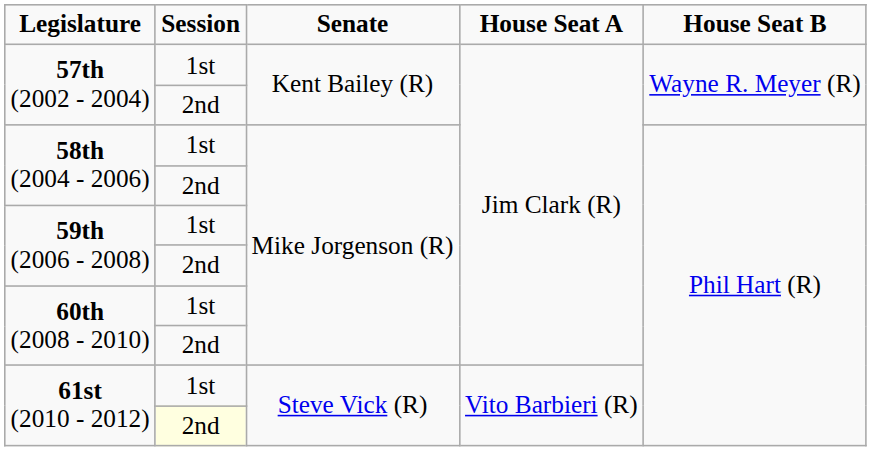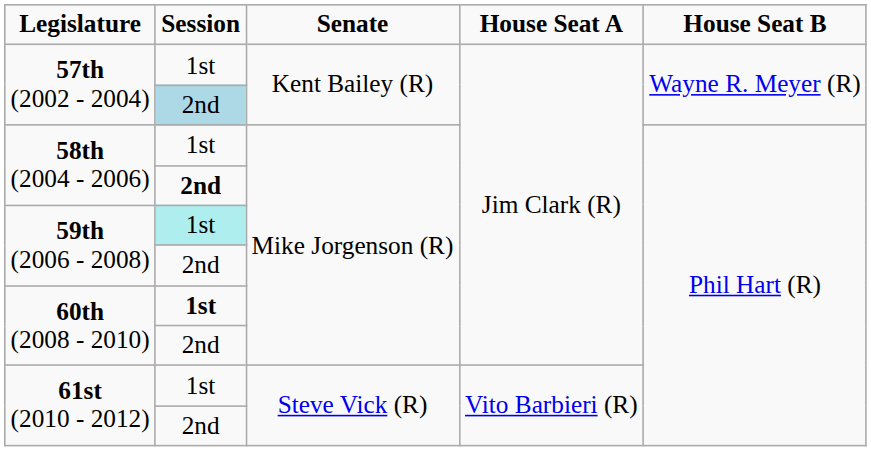 <table class=wikitable style="text-align:center">
 <tr>
 <td><strong>Legislature</strong></td>
 <td><strong>Session</strong></td>
 <td><strong>Senate</strong></td>
 <td><strong>House Seat A</strong></td>
 <td><strong>House Seat B</strong></td>
 </tr>
 <tr>
 <td rowspan="2" colspan="1" style="text-align: center;"><strong>57th</strong> <br> (2002 - 2004)</td>
 <td>1st</td>
 <td rowspan="2" colspan="1" style="text-align: center;" >Kent Bailey (R)</td>
 <td rowspan="8" colspan="1" style="text-align: center;" >Jim Clark (R)</td>
 <td rowspan="2" colspan="1" style="text-align: center;" ><a href='#'>Wayne R. Meyer</a> (R)</td>
 </tr>
 <tr>
-<td>2nd</td>
+<td style="background: lightblue;">2nd</td>
 </tr>
 <tr>
 <td rowspan="2" colspan="1" style="text-align: center;"><strong>58th</strong> <br> (2004 - 2006)</td>
 <td>1st</td>
 <td rowspan="6" colspan="1" style="text-align: center;" >Mike Jorgenson (R)</td>
 <td rowspan="8" colspan="1" style="text-align: center;" ><a href='#'>Phil Hart</a> (R)</td>
 </tr>
 <tr>
-<td>2nd</td>
+<td><strong>2nd</strong></td>
 </tr>
 <tr>
 <td rowspan="2" colspan="1" style="text-align: center;"><strong>59th</strong> <br> (2006 - 2008)</td>
-<td>1st</td>
+<td style="background: paleturquoise;">1st</td>
 </tr>
 <tr>
 <td>2nd</td>
 </tr>
 <tr>
 <td rowspan="2" colspan="1" style="text-align: center;"><strong>60th</strong> <br> (2008 - 2010)</td>
-<td>1st</td>
+<td><strong>1st</strong></td>
 </tr>
 <tr>
 <td>2nd</td>
 </tr>
 <tr>
 <td rowspan="2" colspan="1" style="text-align: center;"><strong>61st</strong> <br> (2010 - 2012)</td>
 <td>1st</td>
 <td rowspan="2" colspan="1" style="text-align: center;" ><a href='#'>Steve Vick</a> (R)</td>
 <td rowspan="2" colspan="1" style="text-align: center;" ><a href='#'>Vito Barbieri</a> (R)</td>
 </tr>
 <tr>
-<td style="background: lightyellow;">2nd</td>
+<td>2nd</td>
 </tr>
 </table>
